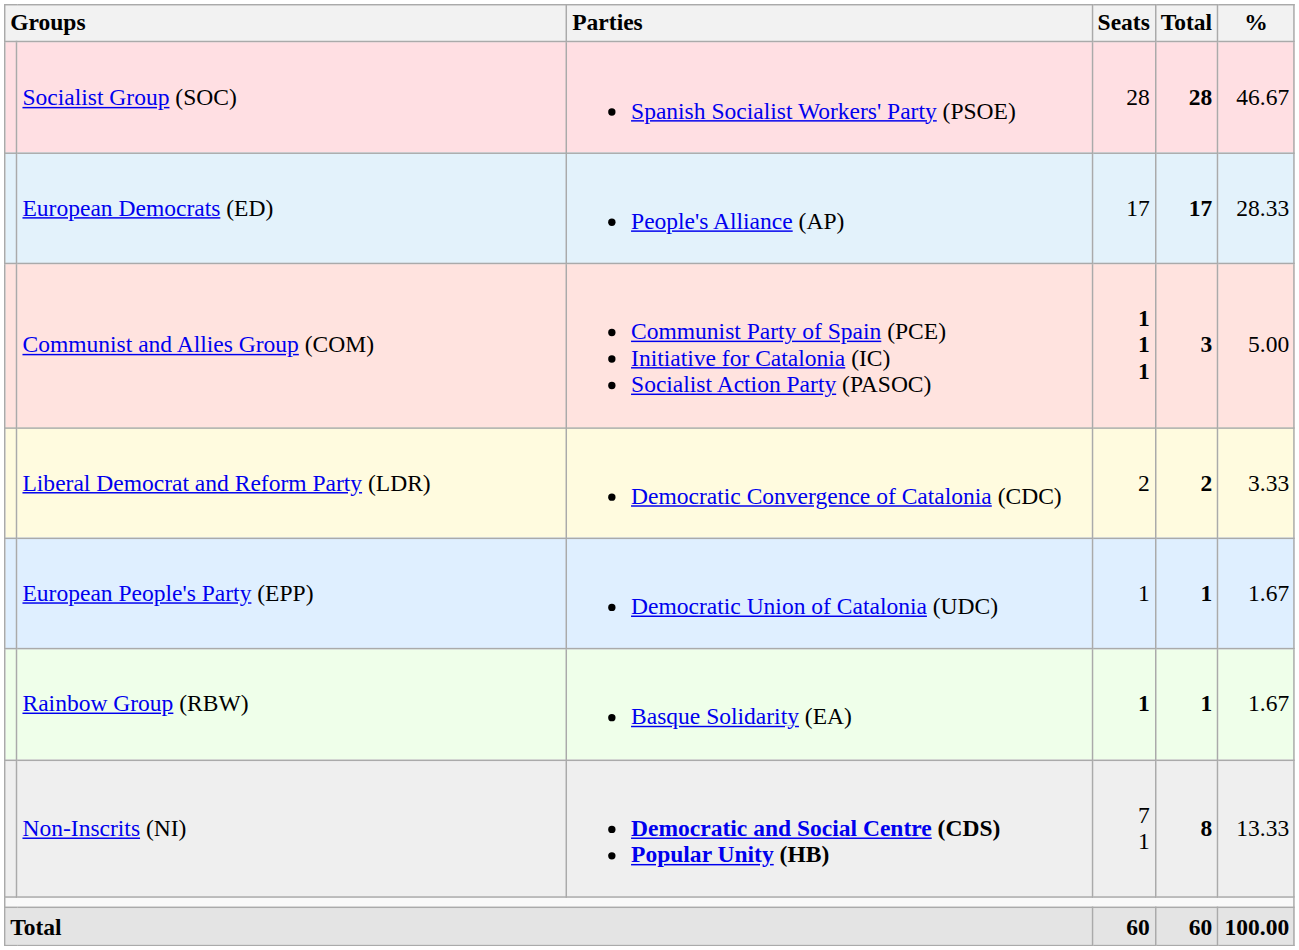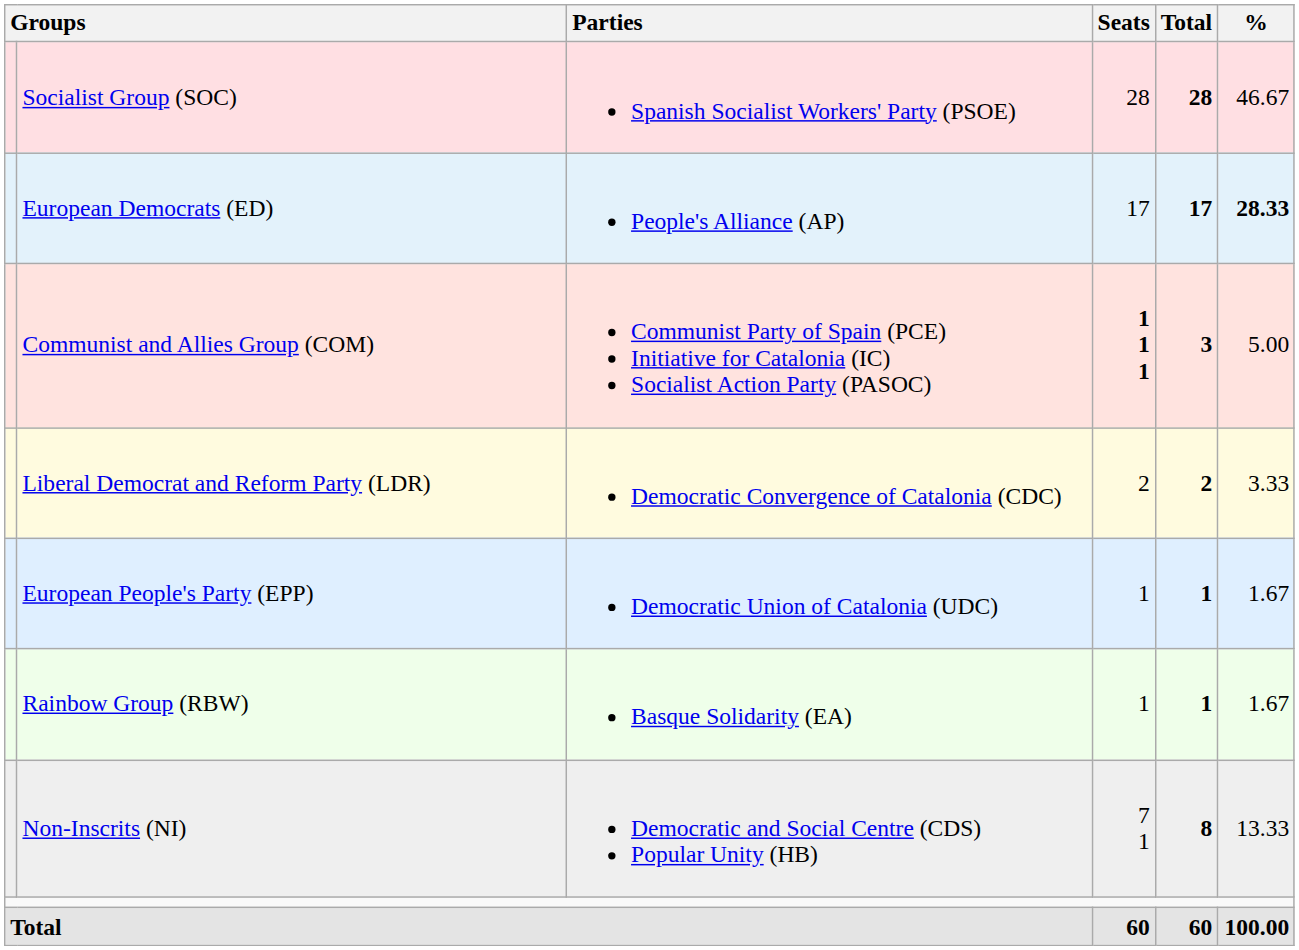 <table class="wikitable" style="text-align:right;">
 <tr>
 <th style="text-align:left;" colspan="2" width="375">Groups</th>
 <th style="text-align:left;" width="350">Parties</th>
 <th width="35">Seats</th>
 <th width="35">Total</th>
 <th width="45">%</th>
 </tr>
 <tr style="background:#FFDFE3;">
 <td width="1" style="color:inherit;background:"></td>
 <td align="left"><a href='#'>Socialist Group</a> (SOC)</td>
 <td align="left"><br><ul><li><a href='#'>Spanish Socialist Workers' Party</a> (PSOE)</li></ul></td>
 <td>28</td>
 <td><strong>28</strong></td>
 <td>46.67</td>
 </tr>
 <tr style="background:#E3F2FB;">
 <td style="color:inherit;background:"></td>
 <td align="left"><a href='#'>European Democrats</a> (ED)</td>
 <td align="left"><br><ul><li><a href='#'>People's Alliance</a> (AP)</li></ul></td>
 <td>17</td>
 <td><strong>17</strong></td>
-<td>28.33</td>
+<td><strong>28.33</strong></td>
 </tr>
 <tr style="background:#FFE3DF;">
 <td style="color:inherit;background:"></td>
 <td align="left"><a href='#'>Communist and Allies Group</a> (COM)</td>
 <td align="left"><br><ul><li><a href='#'>Communist Party of Spain</a> (PCE)</li><li><a href='#'>Initiative for Catalonia</a> (IC)</li><li><a href='#'>Socialist Action Party</a> (PASOC)</li></ul></td>
 <td><strong>1<br>1<br>1</strong></td>
 <td><strong>3</strong></td>
 <td>5.00</td>
 </tr>
 <tr style="background:#FFFBDF;">
 <td style="color:inherit;background:"></td>
 <td align="left"><a href='#'>Liberal Democrat and Reform Party</a> (LDR)</td>
 <td align="left"><br><ul><li><a href='#'>Democratic Convergence of Catalonia</a> (CDC)</li></ul></td>
 <td>2</td>
 <td><strong>2</strong></td>
 <td>3.33</td>
 </tr>
 <tr style="background:#DFEFFF;">
 <td style="color:inherit;background:"></td>
 <td align="left"><a href='#'>European People's Party</a> (EPP)</td>
 <td align="left"><br><ul><li><a href='#'>Democratic Union of Catalonia</a> (UDC)</li></ul></td>
 <td>1</td>
 <td><strong>1</strong></td>
 <td>1.67</td>
 </tr>
 <tr style="background:#EFFFEA;">
 <td style="color:inherit;background:"></td>
 <td align="left"><a href='#'>Rainbow Group</a> (RBW)</td>
 <td align="left"><br><ul><li><a href='#'>Basque Solidarity</a> (EA)</li></ul></td>
-<td><strong>1</strong></td>
+<td>1</td>
 <td><strong>1</strong></td>
 <td>1.67</td>
 </tr>
 <tr style="background:#EFEFEF;">
 <td style="color:inherit;background:"></td>
 <td align="left"><a href='#'>Non-Inscrits</a> (NI)</td>
-<td align="left"><strong><br><ul><li><a href='#'>Democratic and Social Centre</a> (CDS)</li><li><a href='#'>Popular Unity</a> (HB)</li></ul></strong></td>
+<td align="left"><br><ul><li><a href='#'>Democratic and Social Centre</a> (CDS)</li><li><a href='#'>Popular Unity</a> (HB)</li></ul></td>
 <td>7<br>1</td>
 <td><strong>8</strong></td>
 <td>13.33</td>
 </tr>
 <tr>
 <td colspan="6"></td>
 </tr>
 <tr style="background:#E4E4E4; font-weight:bold;">
 <td align="left" colspan="3">Total</td>
 <td>60</td>
 <td>60</td>
 <td>100.00</td>
 </tr>
 </table>
